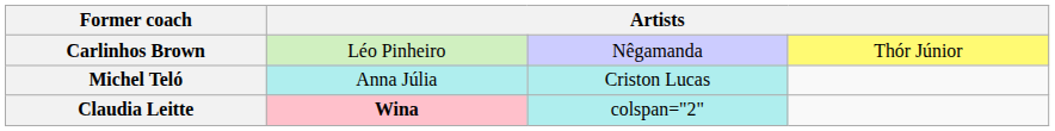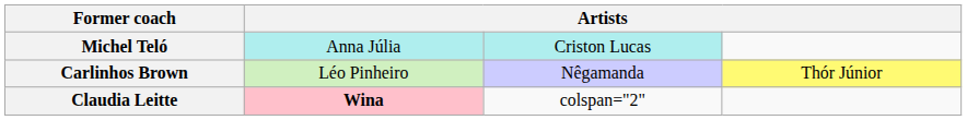 <table class="wikitable" style="text-align: center; width:100%">
 <tr>
 <th width="15%">Former coach</th>
 <th colspan="3">Artists</th>
+</tr>
+<tr>
+<th>Michel Teló</th>
+<td bgcolor="#afeeee">Anna Júlia</td>
+<td bgcolor="#afeeee">Criston Lucas</td>
+<td></td>
 </tr>
 <tr>
 <th>Carlinhos Brown</th>
 <td bgcolor="#d0f0c0" width="15%">Léo Pinheiro</td>
 <td bgcolor="#ccccff" width="15%">Nêgamanda</td>
 <td bgcolor="#fffa73" width="15%">Thór Júnior</td>
 </tr>
 <tr>
-<th>Michel Teló</th>
-<td bgcolor="#afeeee">Anna Júlia</td>
-<td bgcolor="#afeeee">Criston Lucas</td>
-<td></td>
-</tr>
-<tr>
 <th>Claudia Leitte</th>
 <td bgcolor="pink"><strong>Wina</strong></td>
-<td style="background: paleturquoise;">colspan="2" </td>
+<td>colspan="2" </td>
 </tr>
 </table>
